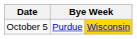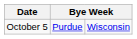 <table class="wikitable" style="font-size:95%;">
 <tr>
 <th>Date</th>
 <th colspan="2">Bye Week</th>
 </tr>
 <tr>
 <td>October 5</td>
 <td><a href='#'>Purdue</a></td>
-<td style="background: gold;"><a href='#'>Wisconsin</a></td>
+<td><a href='#'>Wisconsin</a></td>
 </tr>
 </table>
